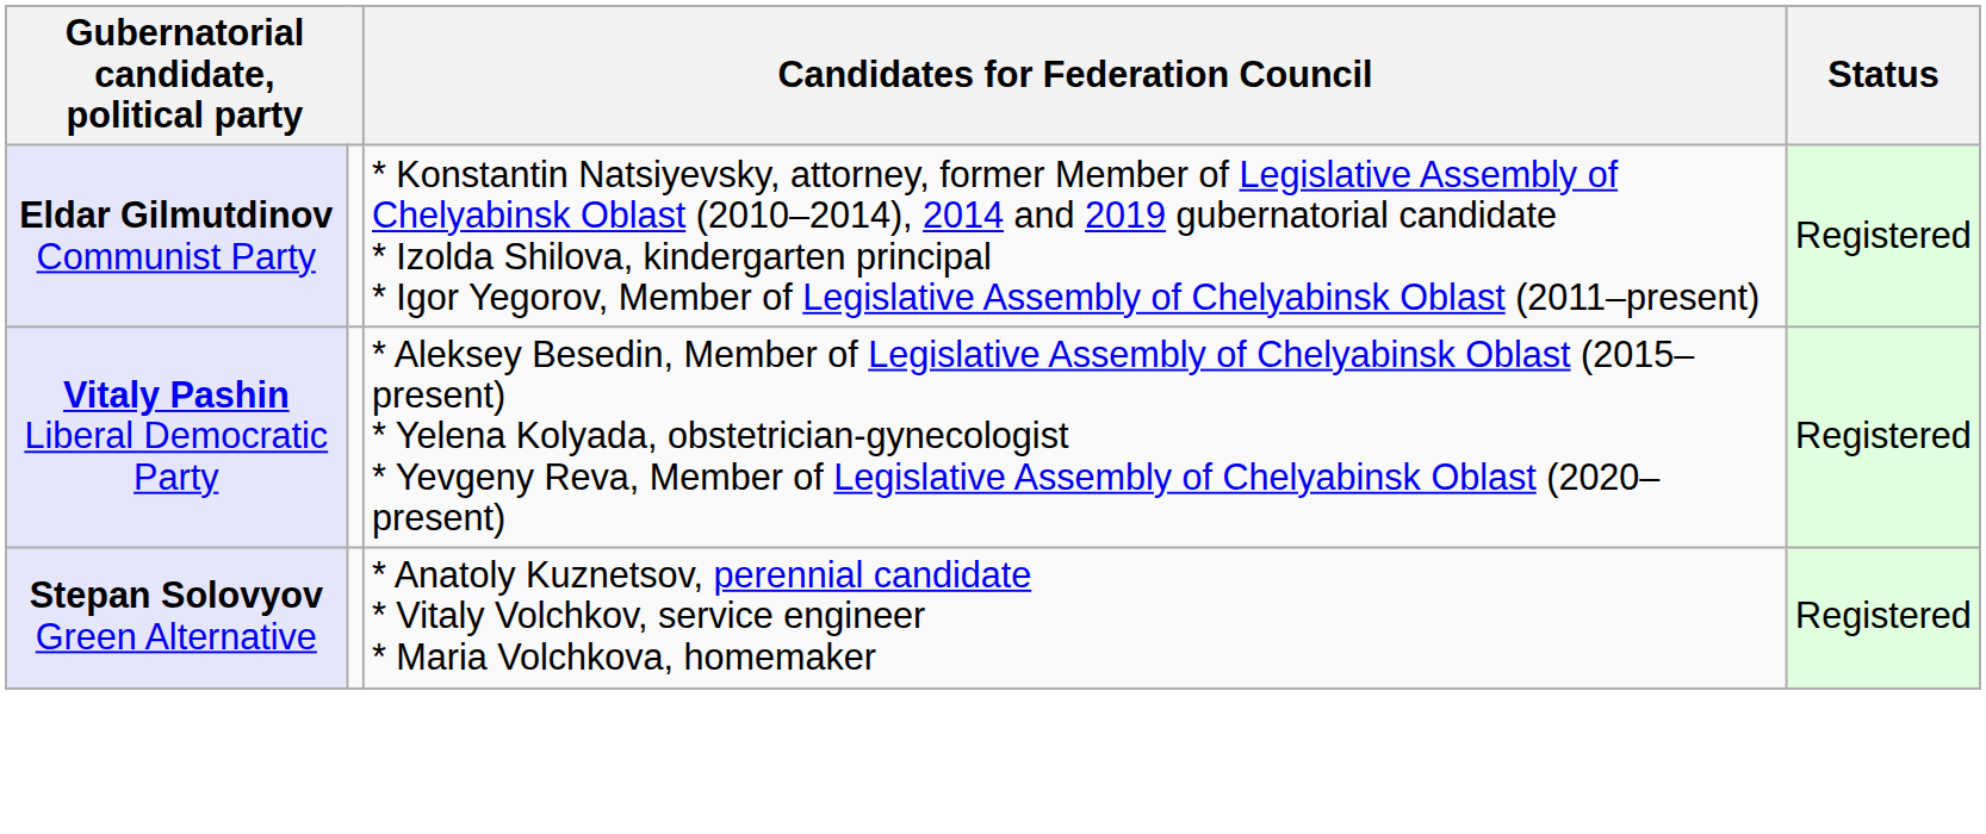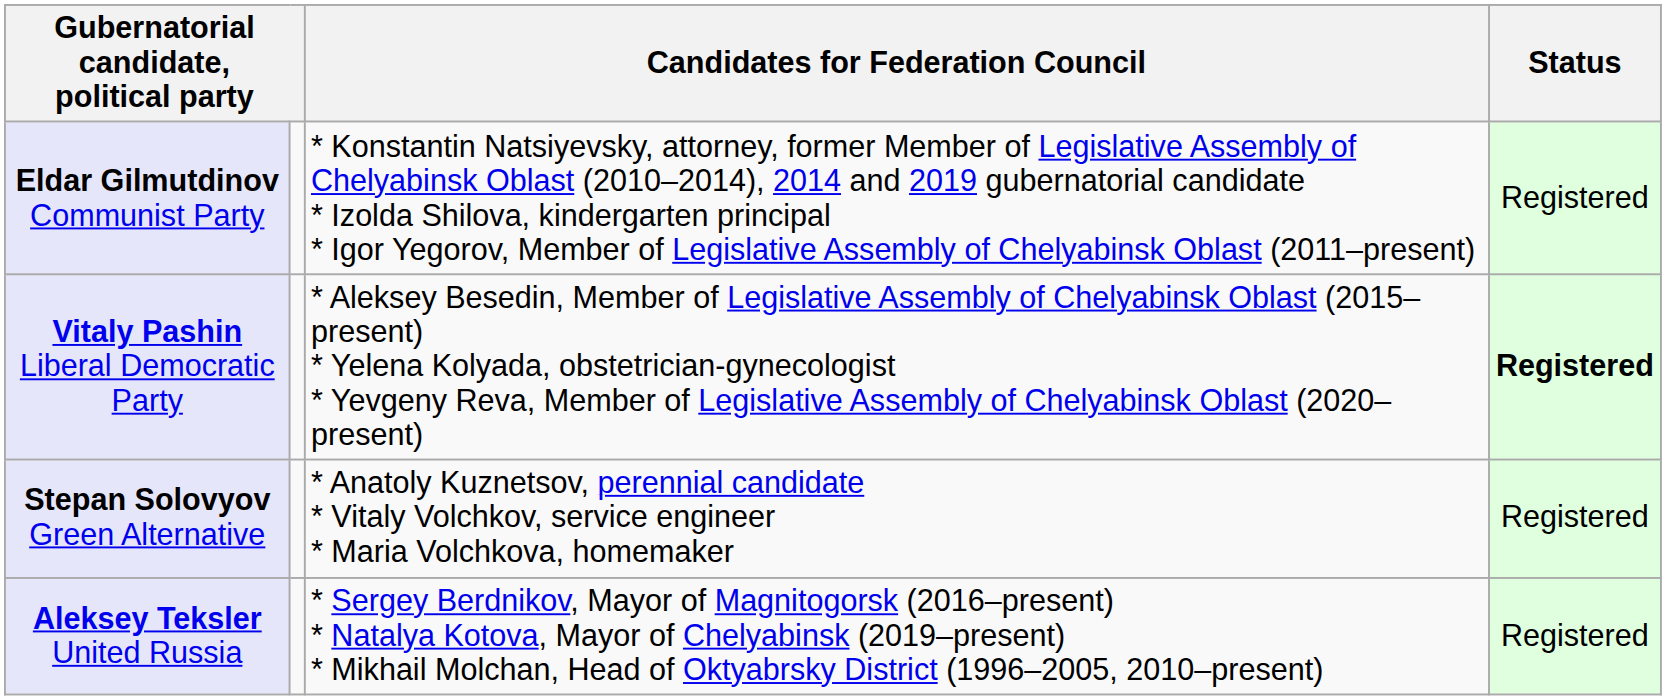 <table class="wikitable" style="text-align:center;">
 <tr>
 <th colspan="2">Gubernatorial candidate,<br>political party</th>
 <th>Candidates for Federation Council</th>
 <th>Status</th>
 </tr>
 <tr>
 <td style="background:lavender;"><strong>Eldar Gilmutdinov</strong><br><a href='#'>Communist Party</a></td>
 <td style="background-color:"></td>
 <td align=left>* Konstantin Natsiyevsky, attorney, former Member of <a href='#'>Legislative Assembly of Chelyabinsk Oblast</a> (2010–2014), <a href='#'>2014</a> and <a href='#'>2019</a> gubernatorial candidate<br>* Izolda Shilova, kindergarten principal<br>* Igor Yegorov, Member of <a href='#'>Legislative Assembly of Chelyabinsk Oblast</a> (2011–present)</td>
 <td bgcolor="#DFFFDF">Registered</td>
 </tr>
 <tr>
 <td style="background:lavender;"><strong><a href='#'>Vitaly Pashin</a></strong><br><a href='#'>Liberal Democratic Party</a></td>
 <td style="background-color:"></td>
 <td align=left>* Aleksey Besedin, Member of <a href='#'>Legislative Assembly of Chelyabinsk Oblast</a> (2015–present)<br> * Yelena Kolyada, obstetrician-gynecologist<br> * Yevgeny Reva, Member of <a href='#'>Legislative Assembly of Chelyabinsk Oblast</a> (2020–present)</td>
-<td bgcolor="#DFFFDF">Registered</td>
+<td bgcolor="#DFFFDF"><strong>Registered</strong></td>
 </tr>
 <tr>
 <td style="background:lavender;"><strong>Stepan Solovyov</strong><br><a href='#'>Green Alternative</a></td>
 <td style="background-color:"></td>
 <td align=left>* Anatoly Kuznetsov, <a href='#'>perennial candidate</a><br>* Vitaly Volchkov, service engineer<br>* Maria Volchkova, homemaker</td>
 <td bgcolor="#DFFFDF">Registered</td>
 </tr>
+<tr>
+<td style="background:lavender;"><strong><a href='#'>Aleksey Teksler</a></strong><br><a href='#'>United Russia</a></td>
+<td style="background-color:"></td>
+<td align=left>* <a href='#'>Sergey Berdnikov</a>, Mayor of <a href='#'>Magnitogorsk</a> (2016–present)<br> * <a href='#'>Natalya Kotova</a>, Mayor of <a href='#'>Chelyabinsk</a> (2019–present)<br> * Mikhail Molchan, Head of <a href='#'>Oktyabrsky District</a> (1996–2005, 2010–present)</td>
+<td bgcolor="#DFFFDF">Registered</td>
+</tr>
 </table>
